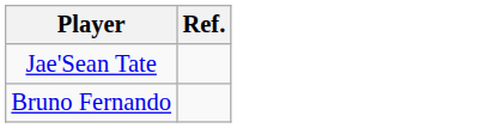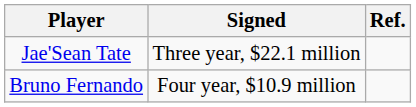 <table class="wikitable sortable sortable" style="text-align: center">
 <tr>
 <th>Player</th>
+<th>Signed</th>
 <th>Ref.</th>
 </tr>
 <tr>
 <td><a href='#'>Jae'Sean Tate</a></td>
+<td>Three year, $22.1 million</td>
 <td></td>
 </tr>
 <tr>
 <td><a href='#'>Bruno Fernando</a></td>
+<td>Four year, $10.9 million</td>
 <td></td>
 </tr>
 </table>
